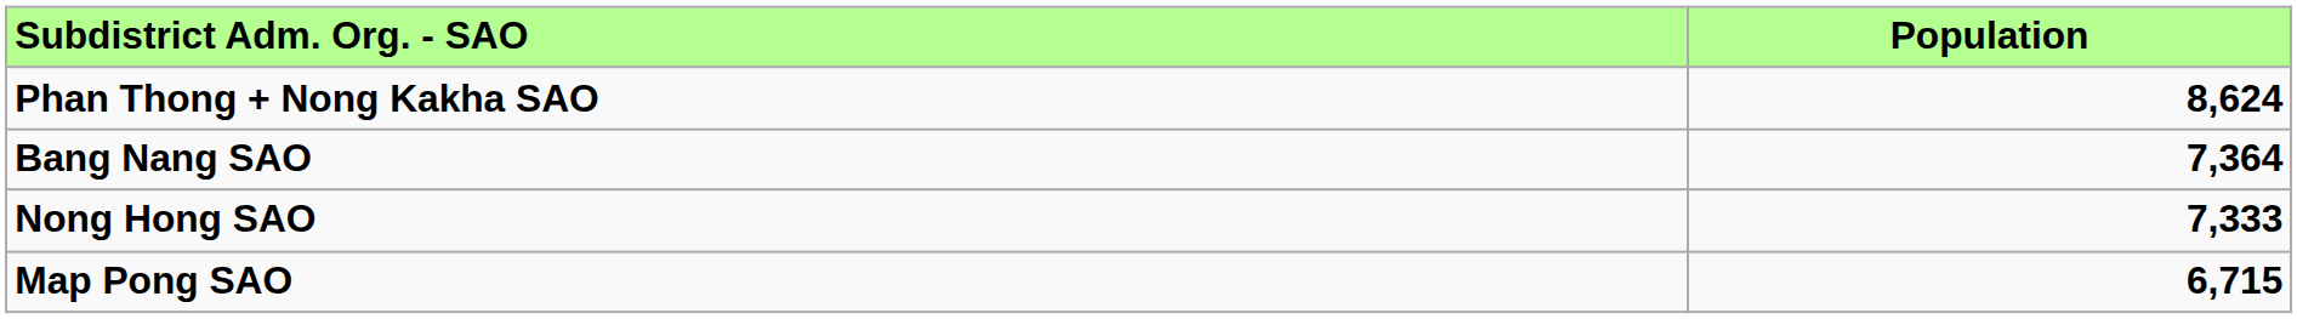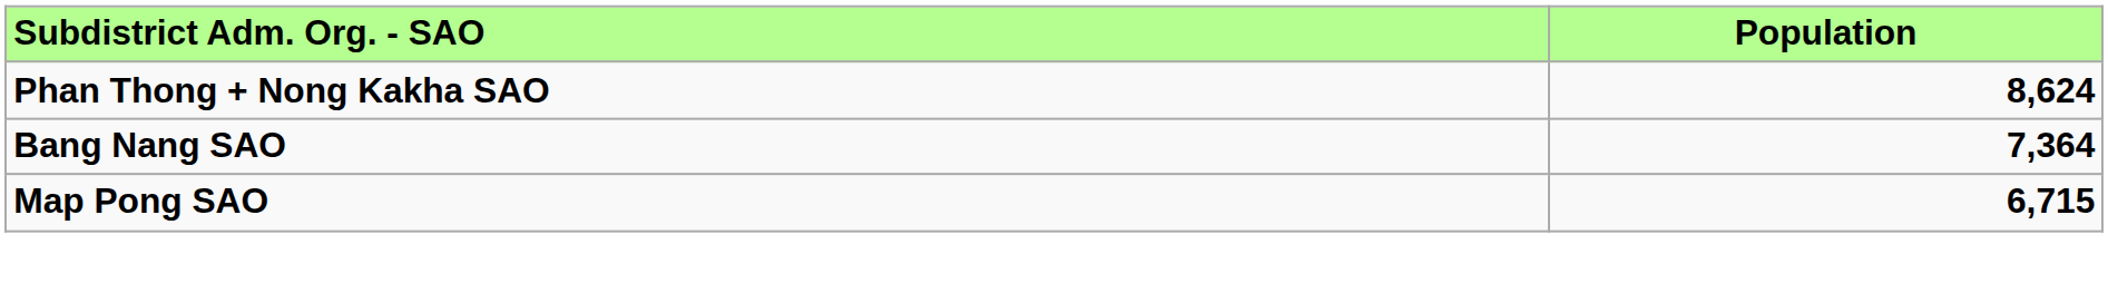 <table class="wikitable" style="width:48%; display:inline-table;">
 <tr>
 <td style= "background: #b4ff90;"><strong>Subdistrict Adm. Org. - SAO</strong></td>
 <td style= "background: #b4ff90; text-align:center;"><strong>Population</strong></td>
 </tr>
 <tr>
 <td><strong>Phan Thong + Nong Kakha SAO</strong></td>
 <td style="text-align:right;"><strong>8,624</strong></td>
 </tr>
 <tr>
 <td><strong>Bang Nang SAO</strong></td>
 <td style="text-align:right;"><strong>7,364</strong></td>
 </tr>
 <tr>
-<td><strong>Nong Hong SAO</strong></td>
-<td style="text-align:right;"><strong>7,333</strong></td>
-</tr>
-<tr>
 <td><strong>Map Pong SAO</strong></td>
 <td style="text-align:right;"><strong>6,715</strong></td>
 </tr>
 </table>
